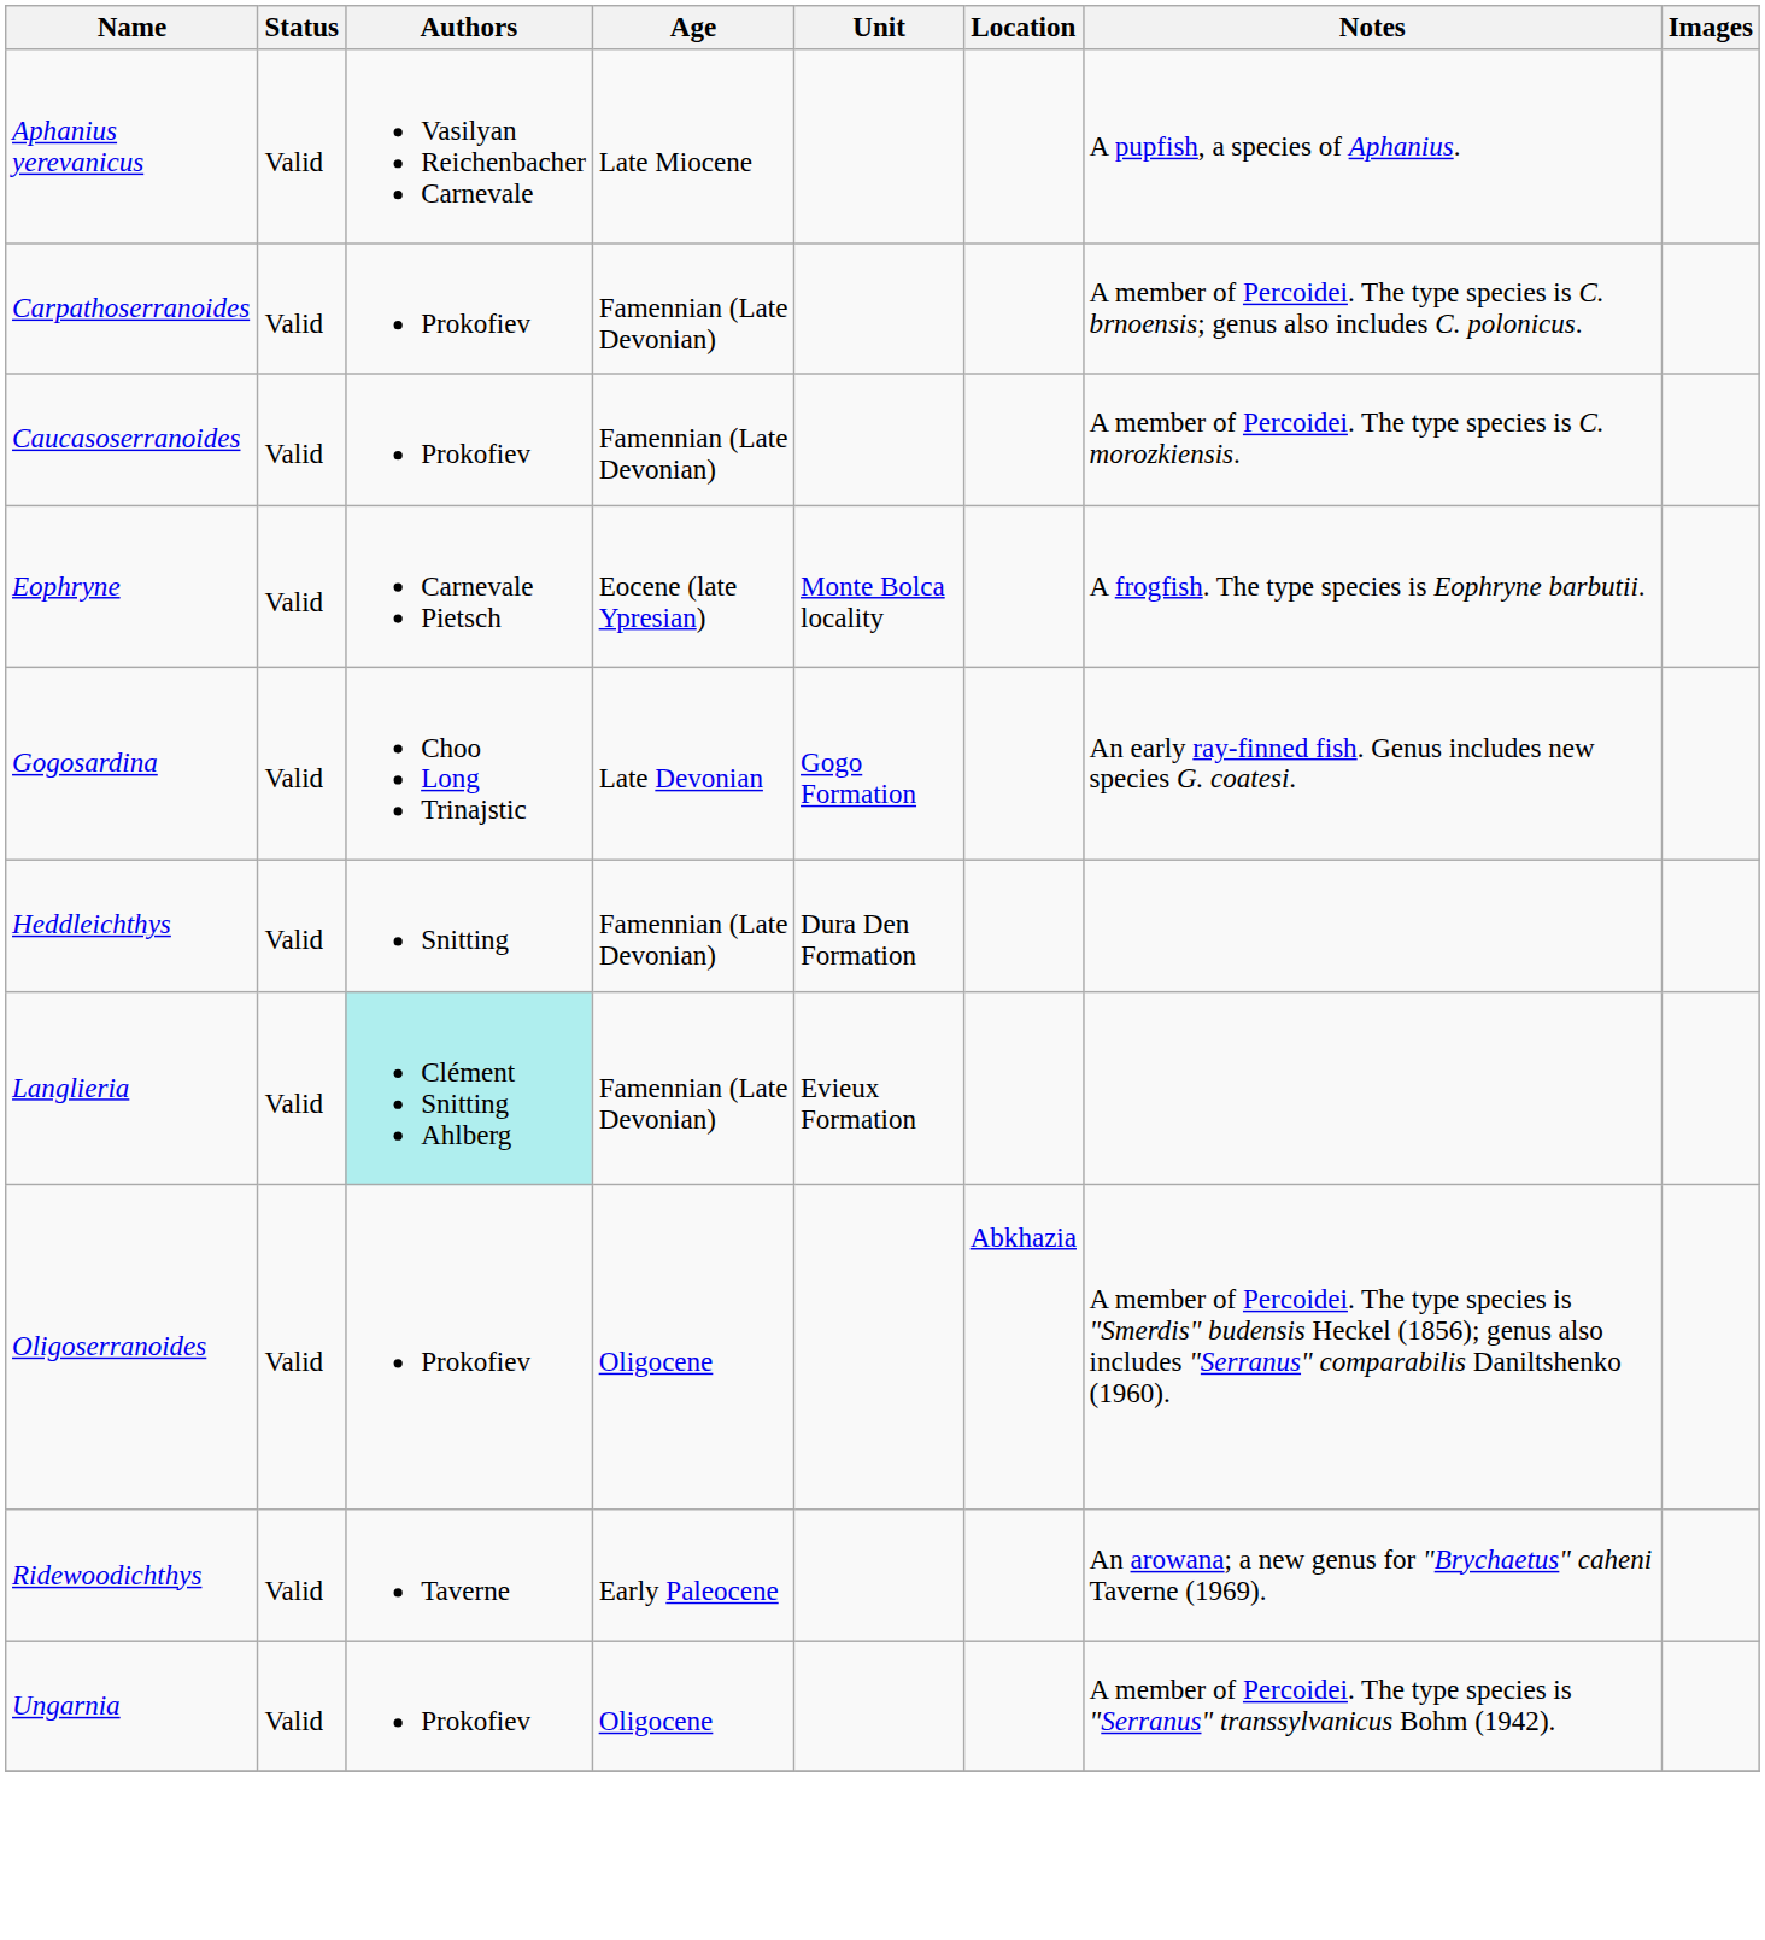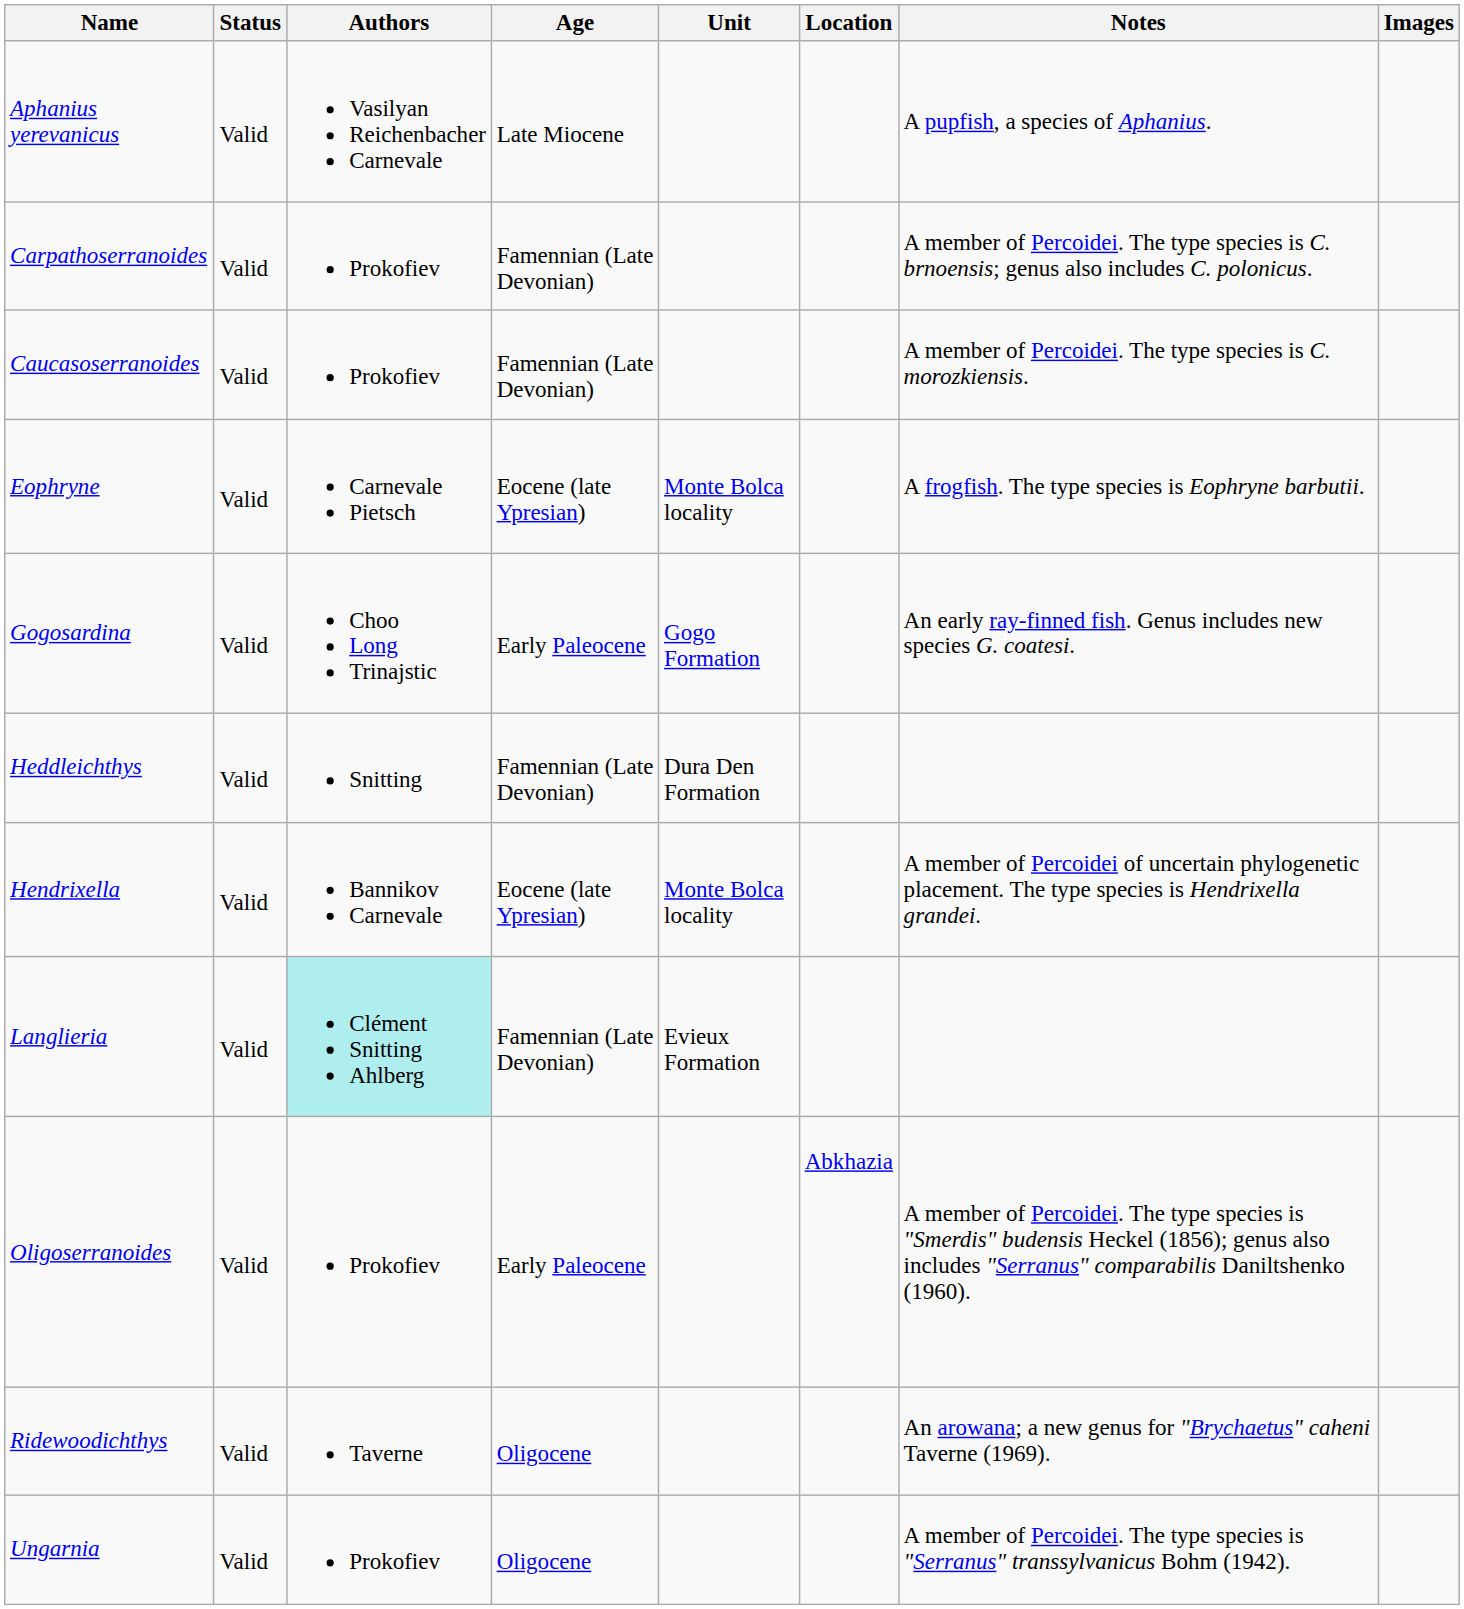 <table class="wikitable sortable" align="center" width="80%">
 <tr>
 <th>Name</th>
 <th>Status</th>
 <th>Authors</th>
 <th>Age</th>
 <th>Unit</th>
 <th>Location</th>
 <th width="33%">Notes</th>
 <th>Images</th>
 </tr>
 <tr>
 <td><em><a href='#'>Aphanius yerevanicus</a></em></td>
 <td><br>Valid</td>
 <td><br><ul><li>Vasilyan</li><li>Reichenbacher</li><li>Carnevale</li></ul></td>
 <td><br>Late Miocene</td>
 <td></td>
 <td><br></td>
 <td>A <a href='#'>pupfish</a>, a species of <em><a href='#'>Aphanius</a></em>.</td>
 <td></td>
 </tr>
 <tr>
 <td><em><a href='#'>Carpathoserranoides</a></em></td>
 <td><br>Valid</td>
 <td><br><ul><li>Prokofiev</li></ul></td>
 <td><br>Famennian (Late Devonian)</td>
 <td></td>
 <td><br><br> </td>
 <td>A member of <a href='#'>Percoidei</a>. The type species is <em>C. brnoensis</em>; genus also includes <em>C. polonicus</em>.</td>
 <td></td>
 </tr>
 <tr>
 <td><em><a href='#'>Caucasoserranoides</a></em></td>
 <td><br>Valid</td>
 <td><br><ul><li>Prokofiev</li></ul></td>
 <td><br>Famennian (Late Devonian)</td>
 <td></td>
 <td><br></td>
 <td>A member of <a href='#'>Percoidei</a>. The type species is <em>C. morozkiensis</em>.</td>
 <td></td>
 </tr>
 <tr>
 <td><em><a href='#'>Eophryne</a></em></td>
 <td><br>Valid</td>
 <td><br><ul><li>Carnevale</li><li>Pietsch</li></ul></td>
 <td><br>Eocene (late <a href='#'>Ypresian</a>)</td>
 <td><br><a href='#'>Monte Bolca</a> locality</td>
 <td><br></td>
 <td>A <a href='#'>frogfish</a>. The type species is <em>Eophryne  barbutii</em>.</td>
 <td></td>
 </tr>
 <tr>
 <td><em><a href='#'>Gogosardina</a></em></td>
 <td><br>Valid</td>
 <td><br><ul><li>Choo</li><li><a href='#'>Long</a></li><li>Trinajstic</li></ul></td>
-<td><br>Late <a href='#'>Devonian</a></td>
+<td><br>Early <a href='#'>Paleocene</a></td>
 <td><br><a href='#'>Gogo Formation</a></td>
 <td><br></td>
 <td>An early <a href='#'>ray-finned fish</a>. Genus includes new species <em>G. coatesi</em>.</td>
 <td></td>
 </tr>
 <tr>
 <td><em><a href='#'>Heddleichthys</a></em></td>
 <td><br>Valid</td>
 <td><br><ul><li>Snitting</li></ul></td>
 <td><br>Famennian (Late Devonian)</td>
 <td><br>Dura Den Formation</td>
 <td><br></td>
 <td></td>
 <td rowspan="1"></td>
 </tr>
 <tr>
+<td><em><a href='#'>Hendrixella</a></em></td>
+<td><br>Valid</td>
+<td><br><ul><li>Bannikov</li><li>Carnevale</li></ul></td>
+<td><br>Eocene (late <a href='#'>Ypresian</a>)</td>
+<td><br><a href='#'>Monte Bolca</a> locality</td>
+<td><br></td>
+<td>A member of <a href='#'>Percoidei</a> of uncertain phylogenetic placement. The type species is <em>Hendrixella grandei</em>.</td>
+<td></td>
+</tr>
+<tr>
 <td><em><a href='#'>Langlieria</a></em></td>
 <td><br>Valid</td>
 <td style="background: paleturquoise;"><br><ul><li>Clément</li><li>Snitting</li><li>Ahlberg</li></ul></td>
 <td><br>Famennian (Late Devonian)</td>
 <td><br>Evieux Formation</td>
 <td><br></td>
 <td></td>
 <td></td>
 </tr>
 <tr>
 <td><em><a href='#'>Oligoserranoides</a></em></td>
 <td><br>Valid</td>
 <td><br><ul><li>Prokofiev</li></ul></td>
-<td><br><a href='#'>Oligocene</a></td>
+<td><br>Early <a href='#'>Paleocene</a></td>
 <td></td>
 <td><br><a href='#'>Abkhazia</a><br> <br> <br> <br> <br> <br> <br> <br> <br> </td>
 <td>A member of <a href='#'>Percoidei</a>. The type species is <em>"Smerdis" budensis</em> Heckel (1856); genus also includes <em>"<a href='#'>Serranus</a>" comparabilis</em> Daniltshenko (1960).</td>
 <td></td>
 </tr>
 <tr>
 <td><em><a href='#'>Ridewoodichthys</a></em></td>
 <td><br>Valid</td>
 <td><br><ul><li>Taverne</li></ul></td>
-<td><br>Early <a href='#'>Paleocene</a></td>
+<td><br><a href='#'>Oligocene</a></td>
 <td></td>
 <td><br></td>
 <td>An <a href='#'>arowana</a>; a new genus for <em>"<a href='#'>Brychaetus</a>" caheni</em> Taverne (1969).</td>
 <td></td>
 </tr>
 <tr>
 <td><em><a href='#'>Ungarnia</a></em></td>
 <td><br>Valid</td>
 <td><br><ul><li>Prokofiev</li></ul></td>
 <td><br><a href='#'>Oligocene</a></td>
 <td></td>
 <td><br></td>
 <td>A member of <a href='#'>Percoidei</a>. The type species is <em>"<a href='#'>Serranus</a>" transsylvanicus</em> Bohm (1942).</td>
 <td rowspan="1"></td>
 </tr>
 <tr>
 </tr>
 </table>
